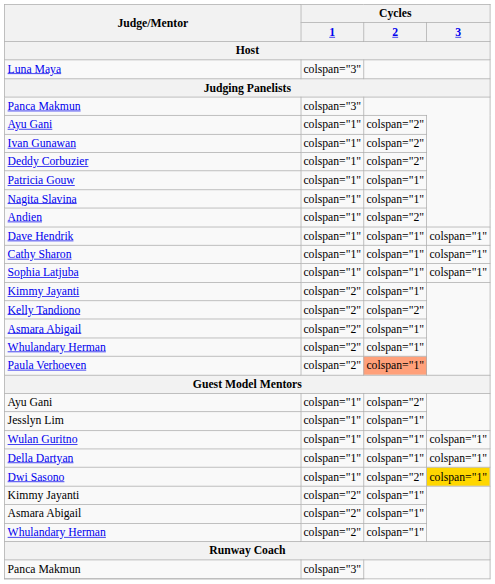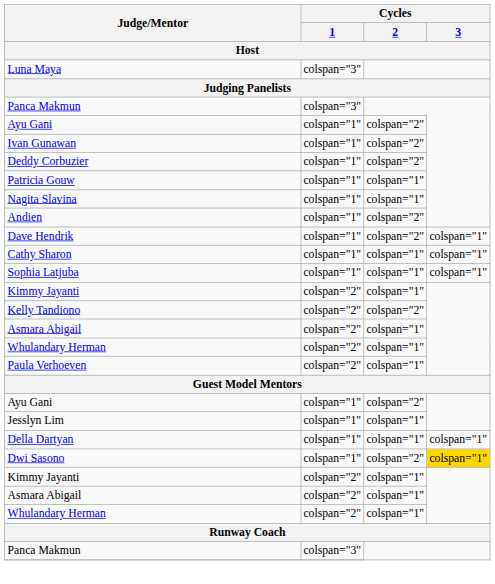 <table class="wikitable" style="margin:1em auto 1em auto;">
 <tr>
 <th rowspan="2">Judge/Mentor</th>
 <th colspan="3">Cycles</th>
 </tr>
 <tr>
 <th width="13%"><a href='#'>1</a><br> </th>
 <th width="13%"><a href='#'>2</a><br> </th>
 <th width="13%"><a href='#'>3</a><br> </th>
 </tr>
 <tr>
 <th scope="col" colspan="4">Host</th>
 </tr>
 <tr>
 <td scope="row"><a href='#'>Luna Maya</a></td>
 <td>colspan="3" </td>
 </tr>
 <tr>
 <th scope="col" colspan="4">Judging Panelists</th>
 </tr>
 <tr>
 <td scope="row"><a href='#'>Panca Makmun</a></td>
 <td>colspan="3" </td>
 </tr>
 <tr>
 <td scope="row"><a href='#'>Ayu Gani</a></td>
 <td>colspan="1" </td>
 <td>colspan="2" </td>
 </tr>
 <tr>
 <td scope="row"><a href='#'>Ivan Gunawan</a></td>
 <td>colspan="1" </td>
 <td>colspan="2" </td>
 </tr>
 <tr>
 <td scope="row"><a href='#'>Deddy Corbuzier</a></td>
 <td>colspan="1" </td>
 <td>colspan="2" </td>
 </tr>
 <tr>
 <td scope="row"><a href='#'>Patricia Gouw</a></td>
 <td>colspan="1" </td>
 <td>colspan="1" </td>
 </tr>
 <tr>
 <td scope="row"><a href='#'>Nagita Slavina</a></td>
 <td>colspan="1" </td>
 <td>colspan="1" </td>
 </tr>
 <tr>
 <td scope="row"><a href='#'>Andien</a></td>
 <td>colspan="1" </td>
 <td>colspan="2" </td>
 </tr>
 <tr>
 <td scope="row"><a href='#'>Dave Hendrik</a></td>
 <td>colspan="1" </td>
-<td>colspan="1" </td>
+<td>colspan="2" </td>
 <td>colspan="1" </td>
 </tr>
 <tr>
 <td scope="row"><a href='#'>Cathy Sharon</a></td>
 <td>colspan="1" </td>
 <td>colspan="1" </td>
 <td>colspan="1" </td>
 </tr>
 <tr>
 <td scope="row"><a href='#'>Sophia Latjuba</a></td>
 <td>colspan="1" </td>
 <td>colspan="1" </td>
 <td>colspan="1" </td>
 </tr>
 <tr>
 <td scope="row"><a href='#'>Kimmy Jayanti</a></td>
 <td>colspan="2" </td>
 <td>colspan="1" </td>
 </tr>
 <tr>
 <td scope="row"><a href='#'>Kelly Tandiono</a></td>
 <td>colspan="2" </td>
 <td>colspan="2" </td>
 </tr>
 <tr>
 <td scope="row"><a href='#'>Asmara Abigail</a></td>
 <td>colspan="2" </td>
 <td>colspan="1" </td>
 </tr>
 <tr>
 <td scope="row"><a href='#'>Whulandary Herman</a></td>
 <td>colspan="2" </td>
 <td>colspan="1" </td>
 </tr>
 <tr>
 <td scope="row"><a href='#'>Paula Verhoeven</a></td>
 <td>colspan="2" </td>
-<td style="background: lightsalmon;">colspan="1" </td>
+<td>colspan="1" </td>
 </tr>
 <tr>
 <th scope="col" colspan="4">Guest Model Mentors</th>
 </tr>
 <tr>
 <td scope="row">Ayu Gani</td>
 <td>colspan="1" </td>
 <td>colspan="2" </td>
 </tr>
 <tr>
 <td scope="row">Jesslyn Lim</td>
-<td>colspan="1" </td>
-<td>colspan="1" </td>
-</tr>
-<tr>
-<td scope="row"><a href='#'>Wulan Guritno</a></td>
-<td>colspan="1" </td>
 <td>colspan="1" </td>
 <td>colspan="1" </td>
 </tr>
 <tr>
 <td scope="row"><a href='#'>Della Dartyan</a></td>
 <td>colspan="1" </td>
 <td>colspan="1" </td>
 <td>colspan="1" </td>
 </tr>
 <tr>
 <td scope="row"><a href='#'>Dwi Sasono</a></td>
 <td>colspan="1" </td>
 <td>colspan="2" </td>
 <td style="background: gold;">colspan="1" </td>
 </tr>
 <tr>
 <td scope="row">Kimmy Jayanti</td>
 <td>colspan="2" </td>
 <td>colspan="1" </td>
 </tr>
 <tr>
 <td scope="row">Asmara Abigail</td>
 <td>colspan="2" </td>
 <td>colspan="1" </td>
 </tr>
 <tr>
 <td scope="row"><a href='#'>Whulandary Herman</a></td>
 <td>colspan="2" </td>
 <td>colspan="1" </td>
 </tr>
 <tr>
 <th scope="col" colspan="4">Runway Coach</th>
 </tr>
 <tr>
 <td scope="row">Panca Makmun</td>
 <td>colspan="3" </td>
 </tr>
 <tr>
 </tr>
 </table>
